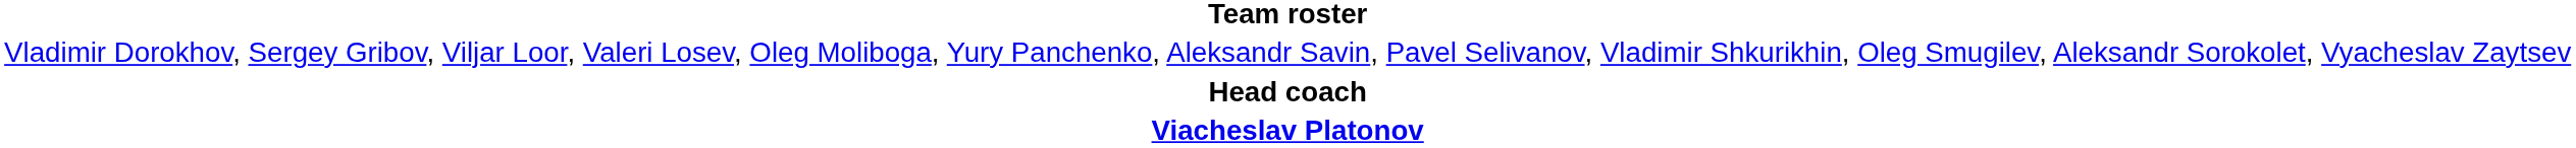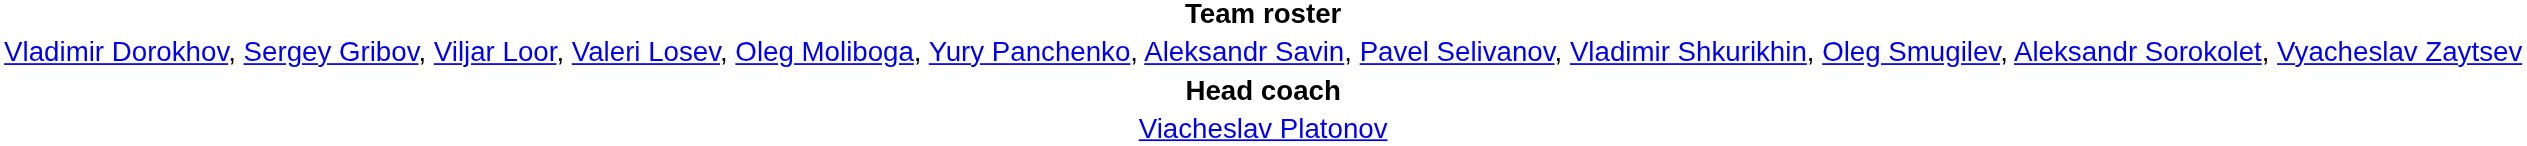 <table style="text-align: center; margin-top: 2em; margin-left: auto; margin-right: auto">
 <tr>
 <td><strong>Team roster</strong></td>
 </tr>
 <tr>
 <td><a href='#'>Vladimir Dorokhov</a>, <a href='#'>Sergey Gribov</a>, <a href='#'>Viljar Loor</a>, <a href='#'>Valeri Losev</a>, <a href='#'>Oleg Moliboga</a>, <a href='#'>Yury Panchenko</a>, <a href='#'>Aleksandr Savin</a>, <a href='#'>Pavel Selivanov</a>, <a href='#'>Vladimir Shkurikhin</a>, <a href='#'>Oleg Smugilev</a>, <a href='#'>Aleksandr Sorokolet</a>, <a href='#'>Vyacheslav Zaytsev</a></td>
 </tr>
 <tr>
 <td><strong>Head coach</strong></td>
 </tr>
 <tr>
-<td><strong><a href='#'>Viacheslav Platonov</a></strong></td>
+<td><a href='#'>Viacheslav Platonov</a></td>
 </tr>
 <tr>
 </tr>
 </table>
